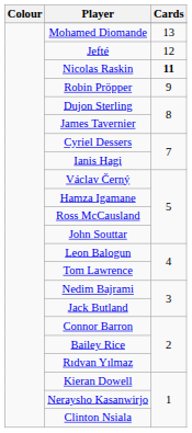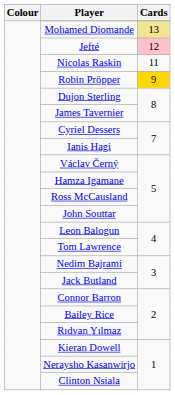 <table class="wikitable" style="text-align:center">
 <tr>
 <th>Colour</th>
 <th>Player</th>
 <th>Cards</th>
 </tr>
 <tr>
 <td rowspan="23"></td>
 </tr>
 <tr>
 <td><a href='#'>Mohamed Diomande</a></td>
-<td rowspan="1">13</td>
+<td rowspan="1" style="background: khaki;">13</td>
 </tr>
 <tr>
 <td><a href='#'>Jefté</a></td>
-<td rowspan="1">12</td>
+<td rowspan="1" style="background: pink;">12</td>
 </tr>
 <tr>
 <td><a href='#'>Nicolas Raskin</a></td>
-<td rowspan="1"><strong>11</strong></td>
+<td rowspan="1">11</td>
 </tr>
 <tr>
 <td><a href='#'>Robin Pröpper</a></td>
-<td rowspan="1">9</td>
+<td rowspan="1" style="background: gold;">9</td>
 </tr>
 <tr>
 <td><a href='#'>Dujon Sterling</a></td>
 <td rowspan="2">8</td>
 </tr>
 <tr>
 <td><a href='#'>James Tavernier</a></td>
 </tr>
 <tr>
 <td><a href='#'>Cyriel Dessers</a></td>
 <td rowspan="2">7</td>
 </tr>
 <tr>
 <td><a href='#'>Ianis Hagi</a></td>
 </tr>
 <tr>
 <td><a href='#'>Václav Černý</a></td>
 <td rowspan="4">5</td>
 </tr>
 <tr>
 <td><a href='#'>Hamza Igamane</a></td>
 </tr>
 <tr>
 <td><a href='#'>Ross McCausland</a></td>
 </tr>
 <tr>
 <td><a href='#'>John Souttar</a></td>
 </tr>
 <tr>
 <td><a href='#'>Leon Balogun</a></td>
 <td rowspan="2">4</td>
 </tr>
 <tr>
 <td><a href='#'>Tom Lawrence</a></td>
 </tr>
 <tr>
 <td><a href='#'>Nedim Bajrami</a></td>
 <td rowspan="2">3</td>
 </tr>
 <tr>
 <td><a href='#'>Jack Butland</a></td>
 </tr>
 <tr>
 <td><a href='#'>Connor Barron</a></td>
 <td rowspan="3">2</td>
 </tr>
 <tr>
 <td><a href='#'>Bailey Rice</a></td>
 </tr>
 <tr>
 <td><a href='#'>Rıdvan Yılmaz</a></td>
 </tr>
 <tr>
 <td><a href='#'>Kieran Dowell</a></td>
 <td rowspan="3">1</td>
 </tr>
 <tr>
 <td><a href='#'>Neraysho Kasanwirjo</a></td>
 </tr>
 <tr>
 <td><a href='#'>Clinton Nsiala</a></td>
 </tr>
 </table>
